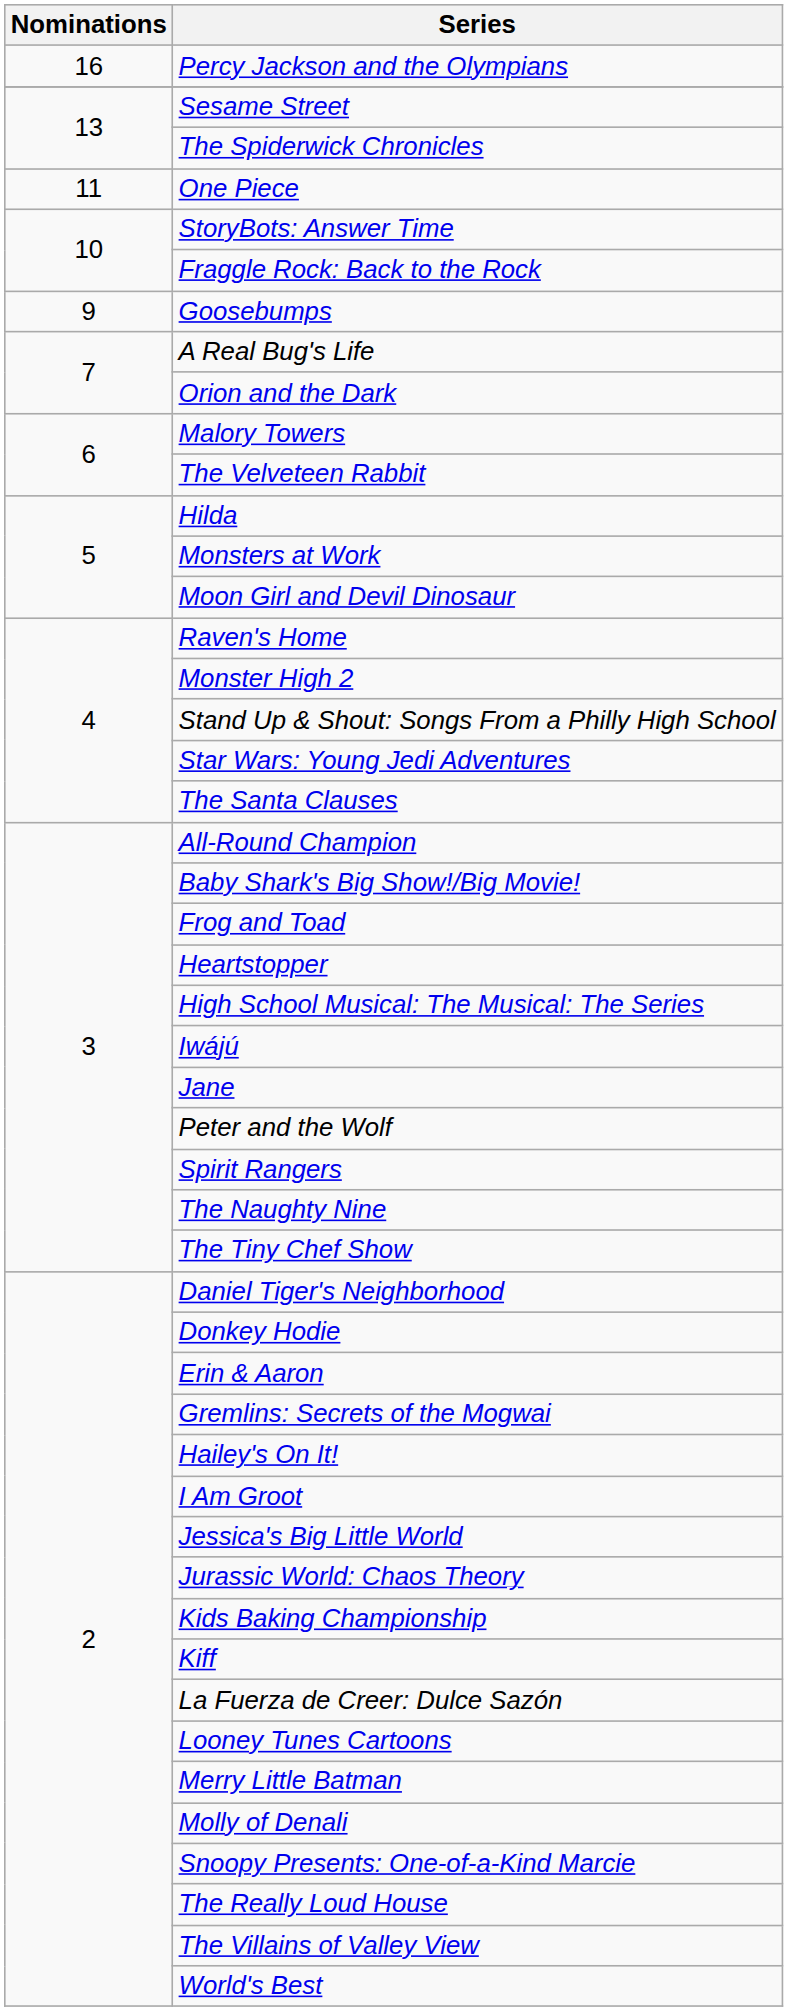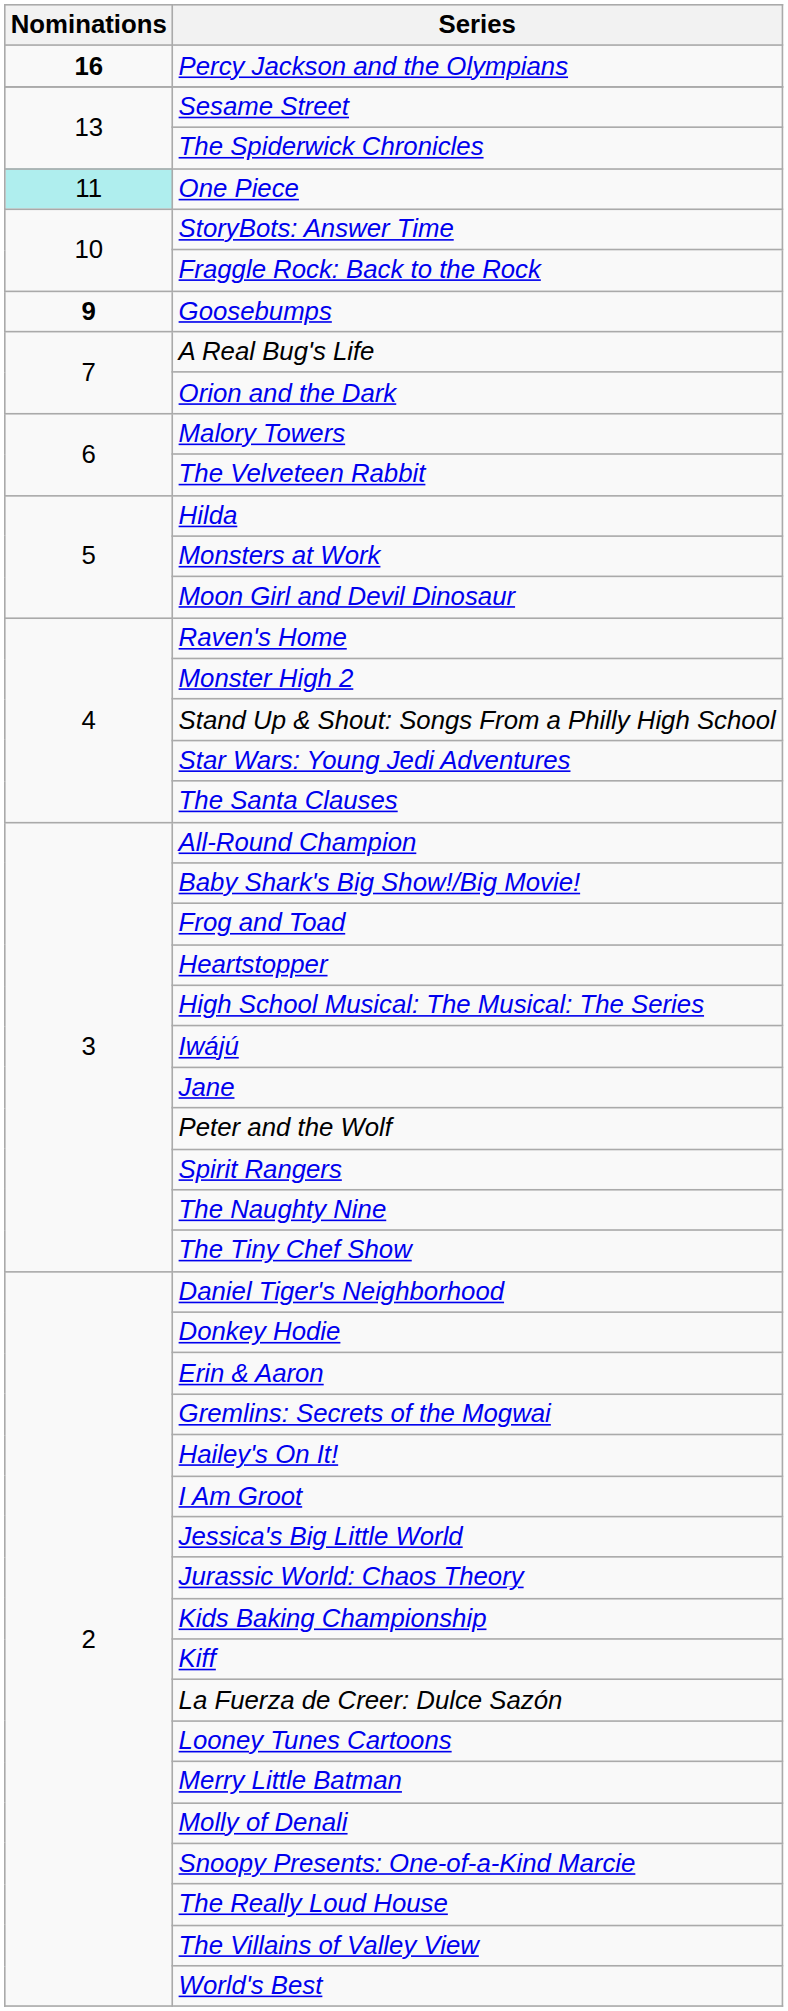 <table class="wikitable">
 <tr>
 <th>Nominations</th>
 <th>Series</th>
 </tr>
 <tr>
-<td style="text-align:center">16</td>
+<td style="text-align:center"><strong>16</strong></td>
 <td><em><a href='#'>Percy Jackson and the Olympians</a></em></td>
 </tr>
 <tr>
 </tr>
 <tr>
 <td style="text-align:center" rowspan=2>13</td>
 <td><em><a href='#'>Sesame Street</a></em></td>
 </tr>
 <tr>
 <td><em><a href='#'>The Spiderwick Chronicles</a></em></td>
 </tr>
 <tr>
-<td style="text-align:center">11</td>
+<td style="background: paleturquoise; text-align:center">11</td>
 <td><em><a href='#'>One Piece</a></em></td>
 </tr>
 <tr>
 <td style="text-align:center" rowspan=2>10</td>
 <td><em><a href='#'>StoryBots: Answer Time</a></em></td>
 </tr>
 <tr>
 <td><em><a href='#'>Fraggle Rock: Back to the Rock</a></em></td>
 </tr>
 <tr>
-<td style="text-align:center">9</td>
+<td style="text-align:center"><strong>9</strong></td>
 <td><em><a href='#'>Goosebumps</a></em></td>
 </tr>
 <tr>
 <td style="text-align:center" rowspan=2>7</td>
 <td><em>A Real Bug's Life</em></td>
 </tr>
 <tr>
 <td><em><a href='#'>Orion and the Dark</a></em></td>
 </tr>
 <tr>
 <td style="text-align:center" rowspan=2>6</td>
 <td><em><a href='#'>Malory Towers</a></em></td>
 </tr>
 <tr>
 <td><em><a href='#'>The Velveteen Rabbit</a></em></td>
 </tr>
 <tr>
 <td style="text-align:center" rowspan=3>5</td>
 <td><em><a href='#'>Hilda</a></em></td>
 </tr>
 <tr>
 <td><em><a href='#'>Monsters at Work</a></em></td>
 </tr>
 <tr>
 <td><em><a href='#'>Moon Girl and Devil Dinosaur</a></em></td>
 </tr>
 <tr>
 <td style="text-align:center" rowspan=5>4</td>
 <td><em><a href='#'>Raven's Home</a></em></td>
 </tr>
 <tr>
 <td><em><a href='#'>Monster High 2</a></em></td>
 </tr>
 <tr>
 <td><em>Stand Up & Shout: Songs From a Philly High School</em></td>
 </tr>
 <tr>
 <td><em><a href='#'>Star Wars: Young Jedi Adventures</a></em></td>
 </tr>
 <tr>
 <td><em><a href='#'>The Santa Clauses</a></em></td>
 </tr>
 <tr>
 <td style="text-align:center" rowspan=11>3</td>
 <td><em><a href='#'>All-Round Champion</a></em></td>
 </tr>
 <tr>
 <td><em><a href='#'>Baby Shark's Big Show!/Big Movie!</a></em></td>
 </tr>
 <tr>
 <td><em><a href='#'>Frog and Toad</a></em></td>
 </tr>
 <tr>
 <td><em><a href='#'>Heartstopper</a></em></td>
 </tr>
 <tr>
 <td><em><a href='#'>High School Musical: The Musical: The Series</a></em></td>
 </tr>
 <tr>
 <td><em><a href='#'>Iwájú</a></em></td>
 </tr>
 <tr>
 <td><em><a href='#'>Jane</a></em></td>
 </tr>
 <tr>
 <td><em>Peter and the Wolf</em></td>
 </tr>
 <tr>
 <td><em><a href='#'>Spirit Rangers</a></em></td>
 </tr>
 <tr>
 <td><em><a href='#'>The Naughty Nine</a></em></td>
 </tr>
 <tr>
 <td><em><a href='#'>The Tiny Chef Show</a></em></td>
 </tr>
 <tr>
 <td style="text-align:center" rowspan=18>2</td>
 <td><em><a href='#'>Daniel Tiger's Neighborhood</a></em></td>
 </tr>
 <tr>
 <td><em><a href='#'>Donkey Hodie</a></em></td>
 </tr>
 <tr>
 <td><em><a href='#'>Erin & Aaron</a></em></td>
 </tr>
 <tr>
 <td><em><a href='#'>Gremlins: Secrets of the Mogwai</a></em></td>
 </tr>
 <tr>
 <td><em><a href='#'>Hailey's On It!</a></em></td>
 </tr>
 <tr>
 <td><em><a href='#'>I Am Groot</a></em></td>
 </tr>
 <tr>
 <td><em><a href='#'>Jessica's Big Little World</a></em></td>
 </tr>
 <tr>
 <td><em><a href='#'>Jurassic World: Chaos Theory</a></em></td>
 </tr>
 <tr>
 <td><em><a href='#'>Kids Baking Championship</a></em></td>
 </tr>
 <tr>
 <td><em><a href='#'>Kiff</a></em></td>
 </tr>
 <tr>
 <td><em>La Fuerza de Creer: Dulce Sazón</em></td>
 </tr>
 <tr>
 <td><em><a href='#'>Looney Tunes Cartoons</a></em></td>
 </tr>
 <tr>
 <td><em><a href='#'>Merry Little Batman</a></em></td>
 </tr>
 <tr>
 <td><em><a href='#'>Molly of Denali</a></em></td>
 </tr>
 <tr>
 <td><em><a href='#'>Snoopy Presents: One-of-a-Kind Marcie</a></em></td>
 </tr>
 <tr>
 <td><em><a href='#'>The Really Loud House</a></em></td>
 </tr>
 <tr>
 <td><em><a href='#'>The Villains of Valley View</a></em></td>
 </tr>
 <tr>
 <td><em><a href='#'>World's Best</a></em></td>
 </tr>
 </table>
